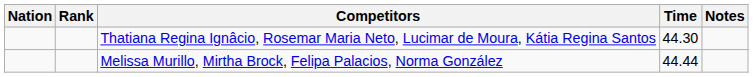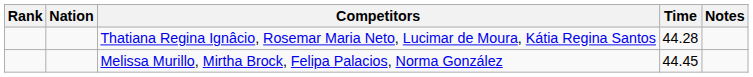 <table class="wikitable sortable" style="text-align:center; font-size:95%">
 <tr>
+<th>Rank</th>
 <th>Nation</th>
-<th>Rank</th>
 <th>Competitors</th>
 <th>Time</th>
 <th>Notes</th>
 </tr>
 <tr>
+<td></td>
 <td align=left></td>
-<td></td>
 <td align=left><a href='#'>Thatiana Regina Ignâcio</a>, <a href='#'>Rosemar Maria Neto</a>, <a href='#'>Lucimar de Moura</a>, <a href='#'>Kátia Regina Santos</a></td>
-<td>44.30</td>
+<td>44.28</td>
 <td></td>
 </tr>
 <tr>
+<td></td>
 <td align=left></td>
-<td></td>
 <td align=left><a href='#'>Melissa Murillo</a>, <a href='#'>Mirtha Brock</a>, <a href='#'>Felipa Palacios</a>, <a href='#'>Norma González</a></td>
-<td>44.44</td>
+<td>44.45</td>
 <td></td>
 </tr>
 </table>
